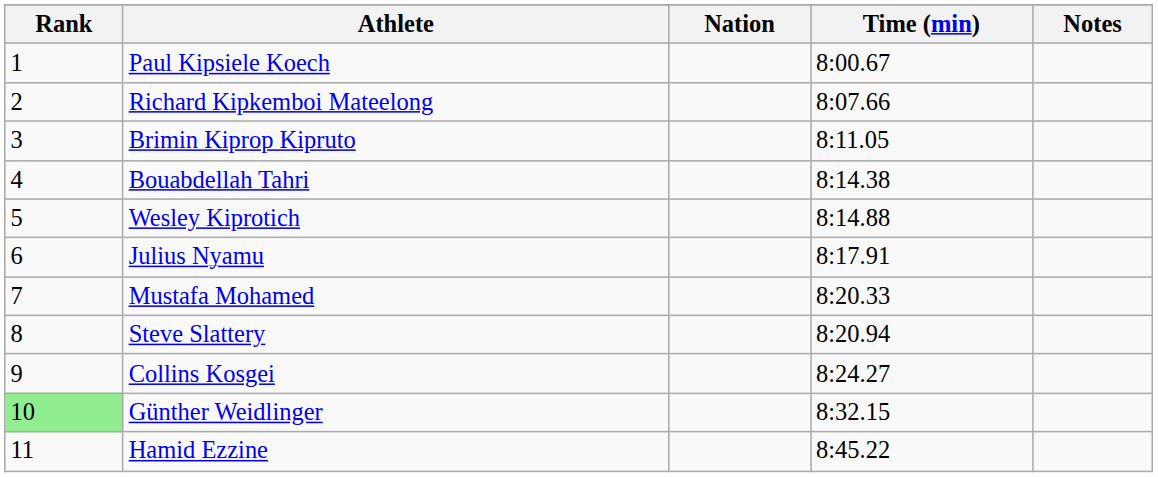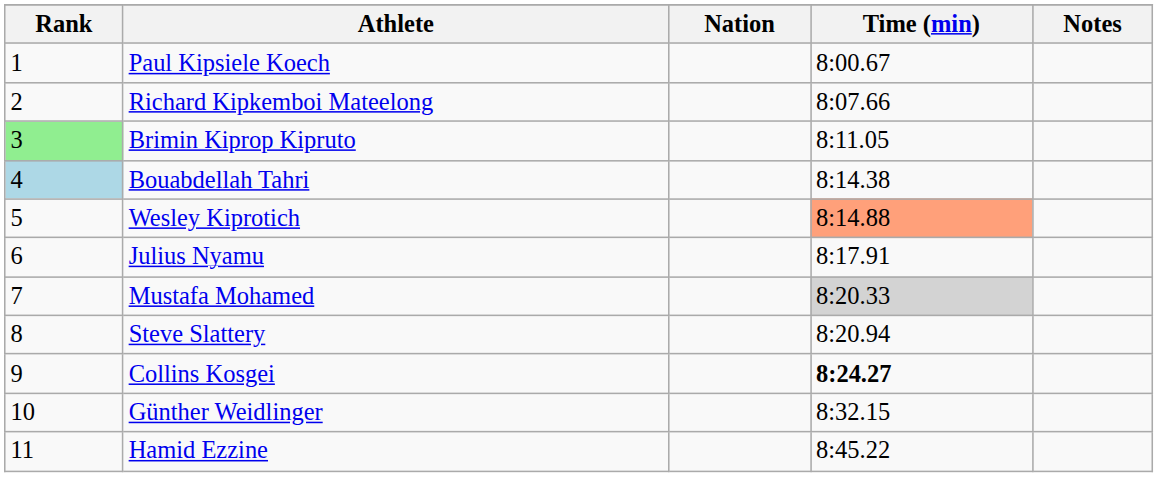 <table class="wikitable" width=85%>
 <tr>
 </tr>
 <tr>
 <th>Rank</th>
 <th>Athlete</th>
 <th>Nation</th>
 <th>Time (<a href='#'>min</a>)</th>
 <th>Notes</th>
 </tr>
 <tr>
 <td>1</td>
 <td><a href='#'>Paul Kipsiele Koech</a></td>
 <td></td>
 <td>8:00.67</td>
 <td></td>
 </tr>
 <tr>
 <td>2</td>
 <td><a href='#'>Richard Kipkemboi Mateelong</a></td>
 <td></td>
 <td>8:07.66</td>
 <td></td>
 </tr>
 <tr>
-<td>3</td>
+<td style="background: lightgreen;">3</td>
 <td><a href='#'>Brimin Kiprop Kipruto</a></td>
 <td></td>
 <td>8:11.05</td>
 <td></td>
 </tr>
 <tr>
-<td>4</td>
+<td style="background: lightblue;">4</td>
 <td><a href='#'>Bouabdellah Tahri</a></td>
 <td></td>
 <td>8:14.38</td>
 <td></td>
 </tr>
 <tr>
 <td>5</td>
 <td><a href='#'>Wesley Kiprotich</a></td>
 <td></td>
-<td>8:14.88</td>
+<td style="background: lightsalmon;">8:14.88</td>
 <td></td>
 </tr>
 <tr>
 <td>6</td>
 <td><a href='#'>Julius Nyamu</a></td>
 <td></td>
 <td>8:17.91</td>
 <td></td>
 </tr>
 <tr>
 <td>7</td>
 <td><a href='#'>Mustafa Mohamed</a></td>
 <td></td>
-<td>8:20.33</td>
+<td style="background: lightgrey;">8:20.33</td>
 <td></td>
 </tr>
 <tr>
 <td>8</td>
 <td><a href='#'>Steve Slattery</a></td>
 <td></td>
 <td>8:20.94</td>
 <td></td>
 </tr>
 <tr>
 <td>9</td>
 <td><a href='#'>Collins Kosgei</a></td>
 <td></td>
-<td>8:24.27</td>
+<td><strong>8:24.27</strong></td>
 <td></td>
 </tr>
 <tr>
-<td style="background: lightgreen;">10</td>
+<td>10</td>
 <td><a href='#'>Günther Weidlinger</a></td>
 <td></td>
 <td>8:32.15</td>
 <td></td>
 </tr>
 <tr>
 <td>11</td>
 <td><a href='#'>Hamid Ezzine</a></td>
 <td></td>
 <td>8:45.22</td>
 <td></td>
 </tr>
 </table>
